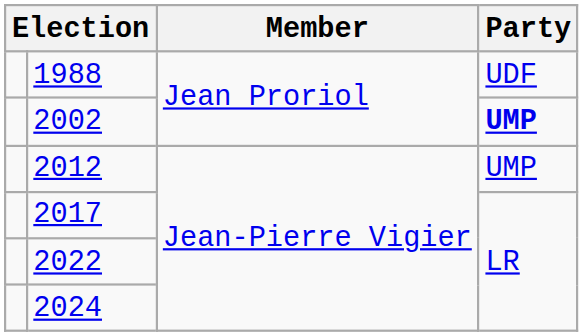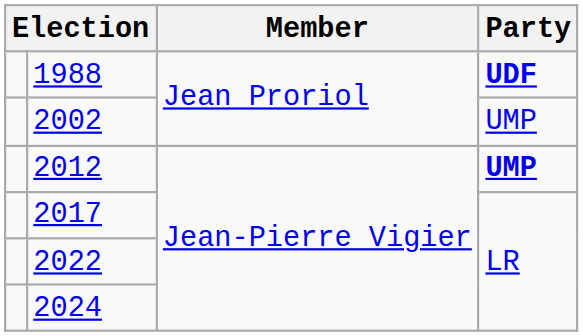 <table class="wikitable">
 <tr>
 <th colspan=2>Election</th>
 <th>Member</th>
 <th>Party</th>
 </tr>
 <tr>
 <td style="background-color: "></td>
 <td><a href='#'>1988</a></td>
 <td rowspan="2"><a href='#'>Jean Proriol</a></td>
-<td><a href='#'>UDF</a></td>
+<td><strong><a href='#'>UDF</a></strong></td>
 </tr>
 <tr>
 <td style="background-color: "></td>
 <td><a href='#'>2002</a></td>
-<td><strong><a href='#'>UMP</a></strong></td>
+<td><a href='#'>UMP</a></td>
 </tr>
 <tr>
 <td style="background-color: "></td>
 <td><a href='#'>2012</a></td>
 <td rowspan="5"><a href='#'>Jean-Pierre Vigier</a></td>
-<td><a href='#'>UMP</a></td>
+<td><strong><a href='#'>UMP</a></strong></td>
 </tr>
 <tr>
 <td style="background-color: "></td>
 <td><a href='#'>2017</a></td>
 <td rowspan="3"><a href='#'>LR</a></td>
 </tr>
 <tr>
 <td style="color:inherit;background-color: "></td>
 <td><a href='#'>2022</a></td>
 </tr>
 <tr>
 <td style="color:inherit;background-color: "></td>
 <td><a href='#'>2024</a></td>
 </tr>
 </table>
